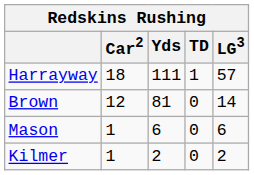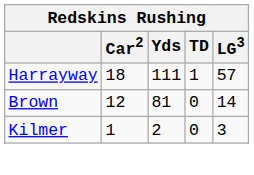 <table class="wikitable">
 <tr>
 <th colspan="5">Redskins Rushing</th>
 </tr>
 <tr>
 <th></th>
 <th>Car<sup>2</sup></th>
 <th>Yds</th>
 <th>TD</th>
 <th>LG<sup>3</sup></th>
 </tr>
 <tr>
 <td><a href='#'>Harrayway</a></td>
 <td>18</td>
 <td>111</td>
 <td>1</td>
 <td>57</td>
 </tr>
 <tr>
 <td><a href='#'>Brown</a></td>
 <td>12</td>
 <td>81</td>
 <td>0</td>
 <td>14</td>
 </tr>
 <tr>
-<td><a href='#'>Mason</a></td>
-<td>1</td>
-<td>6</td>
-<td>0</td>
-<td>6</td>
-</tr>
-<tr>
 <td><a href='#'>Kilmer</a></td>
 <td>1</td>
 <td>2</td>
 <td>0</td>
-<td>2</td>
+<td>3</td>
 </tr>
 </table>
